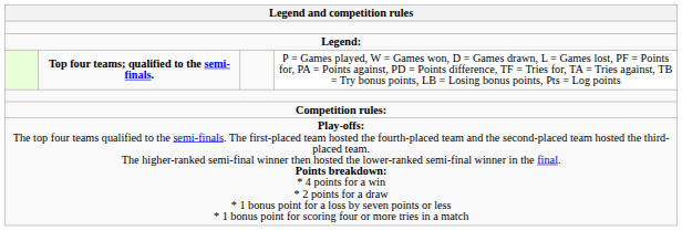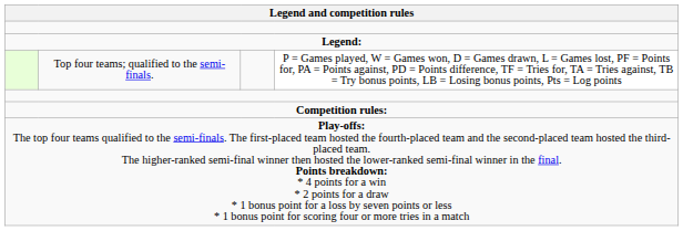 <table class="wikitable collapsible collapsed" style="text-align:center; line-height:100%; font-size:100%; width:60%;">
 <tr>
 <th colspan="100%" style="border:0px">Legend and competition rules</th>
 </tr>
 <tr>
 <td colspan="100%" style="height:10px"></td>
 </tr>
 <tr>
 <td colspan="100%" style="border:0px"><strong>Legend:</strong></td>
 </tr>
 <tr>
 <td style="height:10px; width:5%; background:#E8FFD8;"></td>
-<td style="width:30%;"><strong>Top four teams; qualified to the <a href='#'>semi-finals</a>.</strong></td>
+<td style="width:30%;">Top four teams; qualified to the <a href='#'>semi-finals</a>.</td>
 <td style="width:5%;"></td>
 <td style="width:60%; background:#FFFFFF;">P = Games played, W = Games won, D = Games drawn, L = Games lost, PF = Points for, PA = Points against, PD = Points difference, TF = Tries for, TA = Tries against, TB = Try bonus points, LB = Losing bonus points, Pts = Log points</td>
 </tr>
 <tr>
 <td colspan="100%" style="height:10px"></td>
 </tr>
 <tr>
 <td colspan="100%" style="border:0px"><strong>Competition rules:</strong></td>
 </tr>
 <tr>
 <td colspan="100%"><strong>Play-offs:</strong><br>The top four teams qualified to the <a href='#'>semi-finals</a>. The first-placed team hosted the fourth-placed team and the second-placed team hosted the third-placed team.<br>The higher-ranked semi-final winner then hosted the lower-ranked semi-final winner in the <a href='#'>final</a>.<br><strong>Points breakdown:</strong><br>* 4 points for a win<br>* 2 points for a draw<br>* 1 bonus point for a loss by seven points or less<br>* 1 bonus point for scoring four or more tries in a match</td>
 </tr>
 </table>
